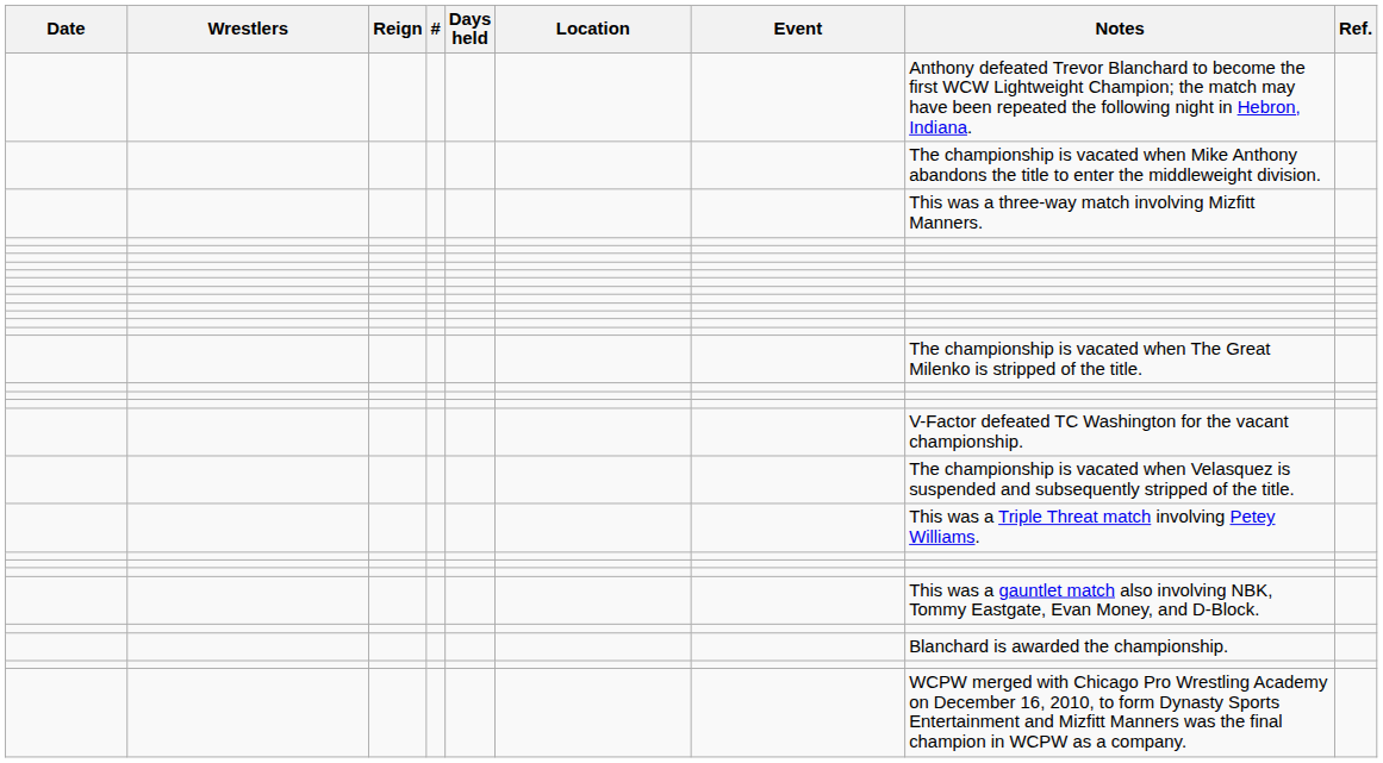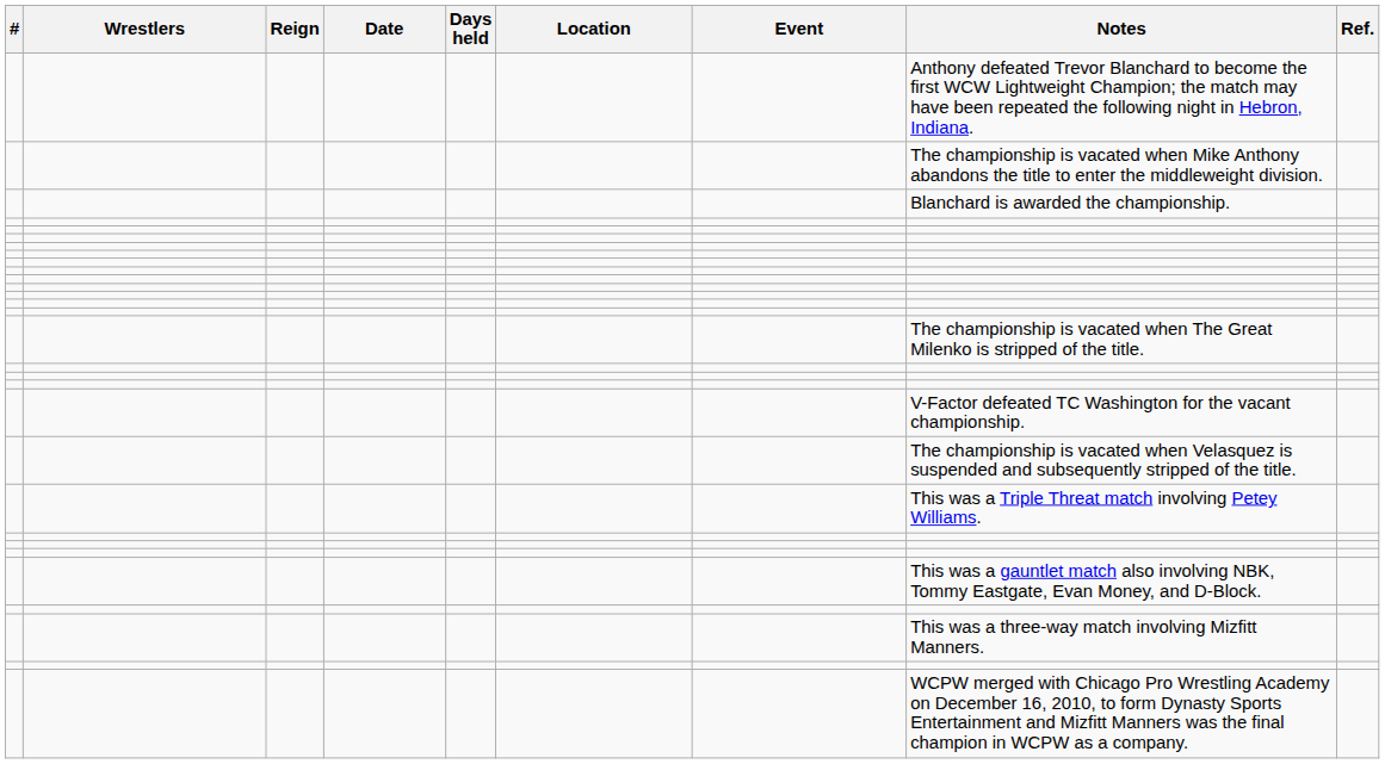 <table class="wikitable sortable" width=98% style="text-align:center;">
 <tr>
-<th width=10%>Date</th>
+<th width=0%>#</th>
 <th width=20%>Wrestlers</th>
 <th width=0%>Reign</th>
-<th width=0%>#</th>
+<th width=10%>Date</th>
 <th width=0%>Days<br>held</th>
 <th width=16%>Location</th>
 <th width=18%>Event</th>
 <th width=60% class="unsortable">Notes</th>
 <th width=0% class="unsortable">Ref.</th>
 </tr>
 <tr>
 <td></td>
 <td></td>
 <td></td>
 <td></td>
 <td></td>
 <td></td>
 <td></td>
 <td align="left">Anthony defeated Trevor Blanchard to become the first WCW Lightweight Champion; the match may have been repeated the following night in <a href='#'>Hebron, Indiana</a>.</td>
 <td align="left"></td>
 </tr>
 <tr>
 <td></td>
 <td></td>
 <td></td>
 <td></td>
 <td></td>
 <td></td>
 <td></td>
 <td align="left">The championship is vacated when Mike Anthony abandons the title to enter the middleweight division.</td>
 <td align="left"></td>
 </tr>
 <tr>
 <td></td>
 <td></td>
 <td></td>
 <td></td>
 <td></td>
 <td></td>
 <td></td>
-<td align="left">This was a three-way match involving Mizfitt Manners.</td>
+<td align="left">Blanchard is awarded the championship.</td>
 <td align="left"></td>
 </tr>
 <tr>
 <td></td>
 <td></td>
 <td></td>
 <td></td>
 <td></td>
 <td></td>
 <td></td>
 <td align="left"></td>
 <td align="left"></td>
 </tr>
 <tr>
 <td></td>
 <td></td>
 <td></td>
 <td></td>
 <td></td>
 <td></td>
 <td></td>
 <td align="left"></td>
 <td align="left"></td>
 </tr>
 <tr>
 <td></td>
 <td></td>
 <td></td>
 <td></td>
 <td></td>
 <td></td>
 <td></td>
 <td align="left"></td>
 <td align="left"></td>
 </tr>
 <tr>
 <td></td>
 <td></td>
 <td></td>
 <td></td>
 <td></td>
 <td></td>
 <td></td>
 <td align="left"></td>
 <td align="left"></td>
 </tr>
 <tr>
 <td></td>
 <td></td>
 <td></td>
 <td></td>
 <td></td>
 <td></td>
 <td></td>
 <td align="left"></td>
 <td align="left"></td>
 </tr>
 <tr>
 <td></td>
 <td></td>
 <td></td>
 <td></td>
 <td></td>
 <td></td>
 <td></td>
 <td align="left"></td>
 <td align="left"></td>
 </tr>
 <tr>
 <td></td>
 <td></td>
 <td></td>
 <td></td>
 <td></td>
 <td></td>
 <td></td>
 <td align="left"></td>
 <td align="left"></td>
 </tr>
 <tr>
 <td></td>
 <td></td>
 <td></td>
 <td></td>
 <td></td>
 <td></td>
 <td></td>
 <td align="left"></td>
 <td align="left"></td>
 </tr>
 <tr>
 <td></td>
 <td></td>
 <td></td>
 <td></td>
 <td></td>
 <td></td>
 <td></td>
 <td align="left"></td>
 <td align="left"></td>
 </tr>
 <tr>
 <td></td>
 <td></td>
 <td></td>
 <td></td>
 <td></td>
 <td></td>
 <td></td>
 <td align="left"></td>
 <td align="left"></td>
 </tr>
 <tr>
 <td></td>
 <td></td>
 <td></td>
 <td></td>
 <td></td>
 <td></td>
 <td></td>
 <td align="left"></td>
 <td align="left"></td>
 </tr>
 <tr>
 <td></td>
 <td></td>
 <td></td>
 <td></td>
 <td></td>
 <td></td>
 <td></td>
 <td align="left"></td>
 <td align="left"></td>
 </tr>
 <tr>
 <td></td>
 <td></td>
 <td></td>
 <td></td>
 <td></td>
 <td></td>
 <td></td>
 <td align="left">The championship is vacated when The Great Milenko is stripped of the title.</td>
 <td align="left"></td>
 </tr>
 <tr>
 <td></td>
 <td></td>
 <td></td>
 <td></td>
 <td></td>
 <td></td>
 <td></td>
 <td align="left"></td>
 <td align="left"></td>
 </tr>
 <tr>
 <td></td>
 <td></td>
 <td></td>
 <td></td>
 <td></td>
 <td></td>
 <td></td>
 <td align="left"></td>
 <td align="left"></td>
 </tr>
 <tr>
 <td></td>
 <td></td>
 <td></td>
 <td></td>
 <td></td>
 <td></td>
 <td></td>
 <td align="left"></td>
 <td align="left"></td>
 </tr>
 <tr>
 <td></td>
 <td></td>
 <td></td>
 <td></td>
 <td></td>
 <td></td>
 <td></td>
 <td align="left">V-Factor defeated TC Washington for the vacant championship.</td>
 <td align="left"></td>
 </tr>
 <tr>
 <td></td>
 <td></td>
 <td></td>
 <td></td>
 <td></td>
 <td></td>
 <td></td>
 <td align="left">The championship is vacated when Velasquez is suspended and subsequently stripped of the title.</td>
 <td align="left"></td>
 </tr>
 <tr>
 <td></td>
 <td></td>
 <td></td>
 <td></td>
 <td></td>
 <td></td>
 <td></td>
 <td align="left">This was a <a href='#'>Triple Threat match</a> involving <a href='#'>Petey Williams</a>.</td>
 <td align="left"></td>
 </tr>
 <tr>
 <td></td>
 <td></td>
 <td></td>
 <td></td>
 <td></td>
 <td></td>
 <td></td>
 <td align="left"></td>
 <td align="left"></td>
 </tr>
 <tr>
 <td></td>
 <td></td>
 <td></td>
 <td></td>
 <td></td>
 <td></td>
 <td></td>
 <td align="left"></td>
 <td align="left"></td>
 </tr>
 <tr>
 <td></td>
 <td></td>
 <td></td>
 <td></td>
 <td></td>
 <td></td>
 <td></td>
 <td align="left"></td>
 <td align="left"></td>
 </tr>
 <tr>
 <td></td>
 <td></td>
 <td></td>
 <td></td>
 <td></td>
 <td></td>
 <td></td>
 <td align="left">This was a <a href='#'>gauntlet match</a> also involving NBK, Tommy Eastgate, Evan Money, and D-Block.</td>
 <td align="left"></td>
 </tr>
 <tr>
 <td></td>
 <td></td>
 <td></td>
 <td></td>
 <td></td>
 <td></td>
 <td></td>
 <td align="left"></td>
 <td align="left"></td>
 </tr>
 <tr>
 <td></td>
 <td></td>
 <td></td>
 <td></td>
 <td></td>
 <td></td>
 <td></td>
-<td align="left">Blanchard is awarded the championship.</td>
+<td align="left">This was a three-way match involving Mizfitt Manners.</td>
 <td align="left"></td>
 </tr>
 <tr>
 <td></td>
 <td></td>
 <td></td>
 <td></td>
 <td></td>
 <td></td>
 <td></td>
 <td align="left"></td>
 <td align="left"></td>
 </tr>
 <tr>
 <td></td>
 <td></td>
 <td></td>
 <td></td>
 <td></td>
 <td></td>
 <td></td>
 <td align="left">WCPW merged with Chicago Pro Wrestling Academy on December 16, 2010, to form Dynasty Sports Entertainment and Mizfitt Manners was the final champion in WCPW as a company.</td>
 <td align="left"></td>
 </tr>
 </table>
